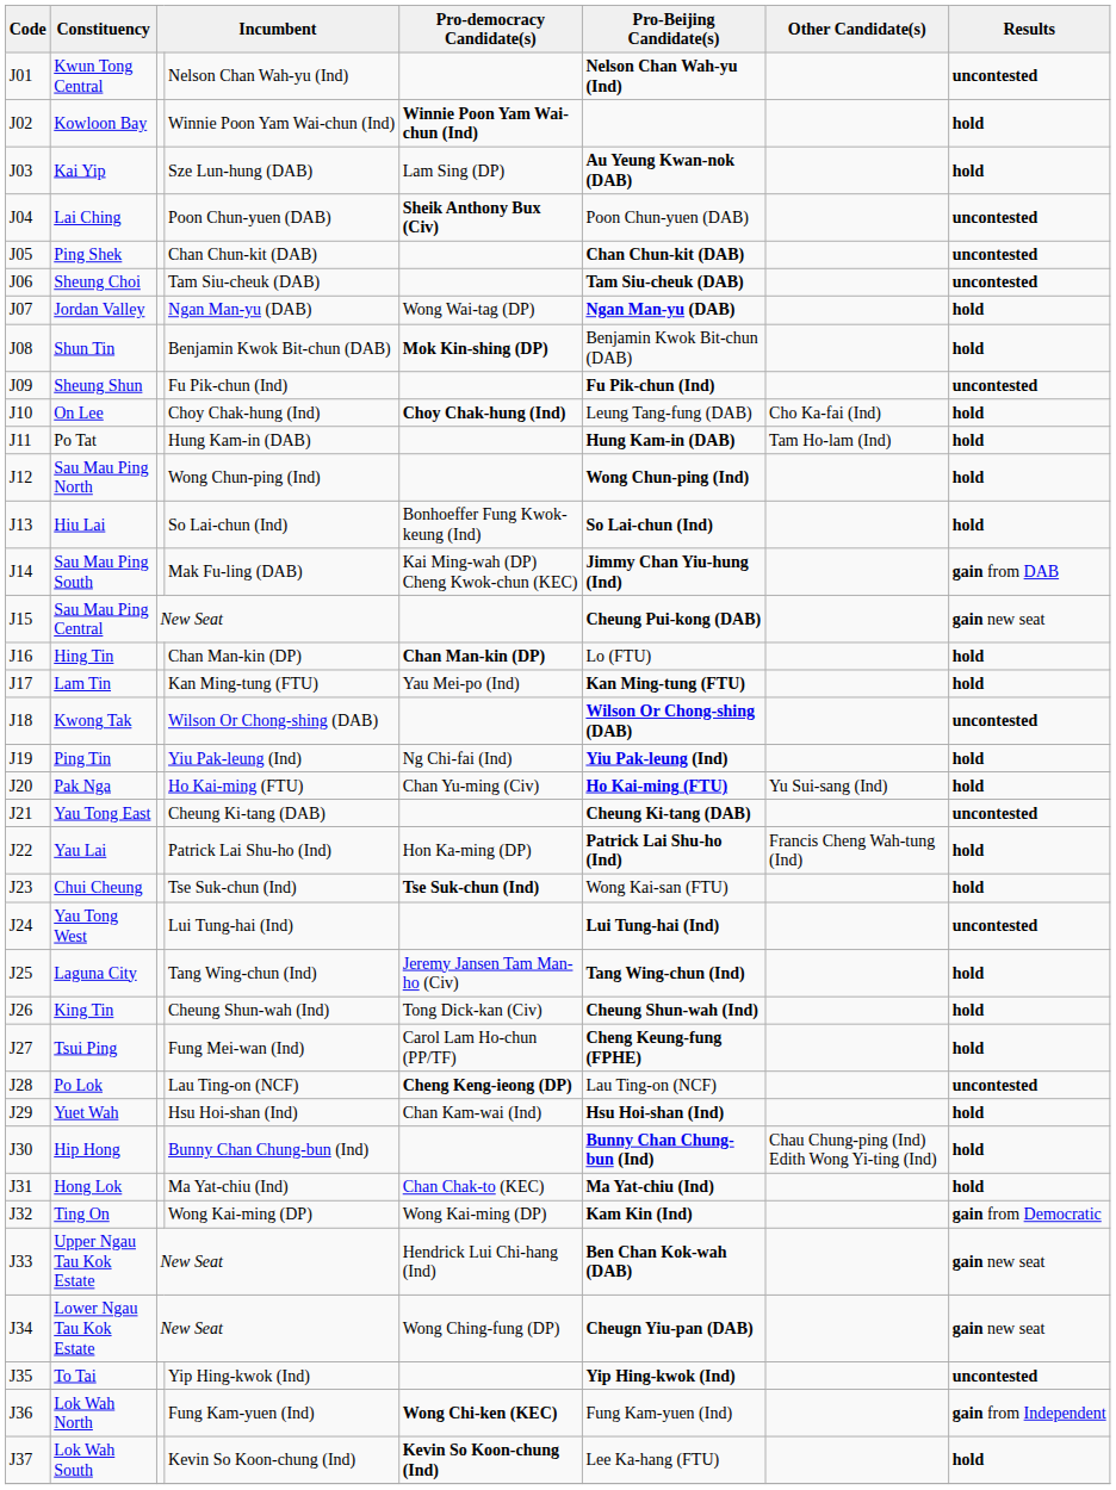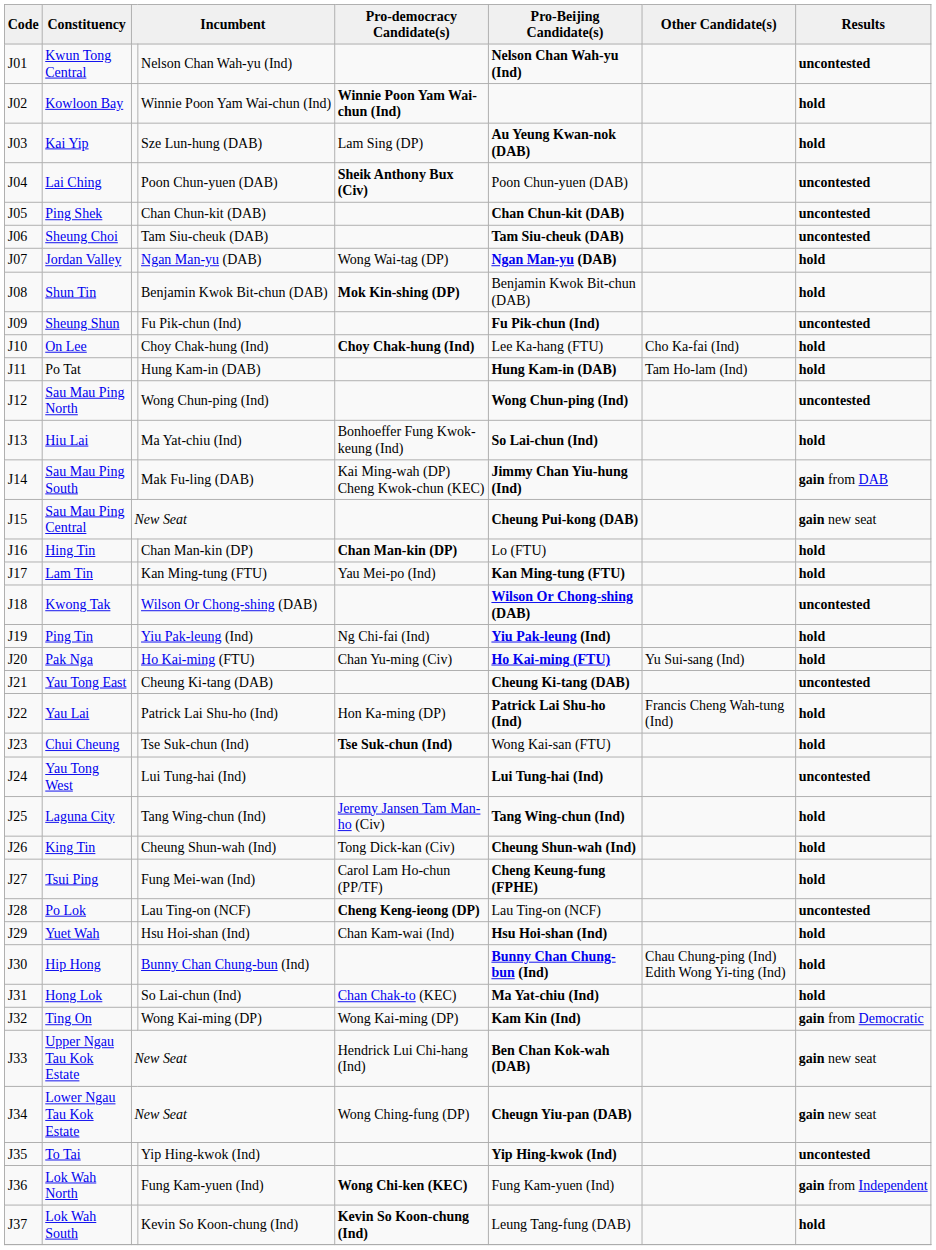 <table class="wikitable sortable" style="font-size: 95%;">
 <tr>
 <th align="center" style="background:#f0f0f0;" width="20px"><strong>Code</strong></th>
 <th align="center" style="background:#f0f0f0;" width="90px"><strong>Constituency</strong></th>
 <th align="center" style="background:#f0f0f0;" width="120px" colspan=2><strong>Incumbent</strong></th>
 <th align="center" style="background:#f0f0f0;" width="160px"><strong>Pro-democracy Candidate(s)</strong></th>
 <th align="center" style="background:#f0f0f0;" width="160px"><strong>Pro-Beijing Candidate(s)</strong></th>
 <th align="center" style="background:#f0f0f0;" width="160px"><strong>Other Candidate(s)</strong></th>
 <th align="center" style="background:#f0f0f0;" width="100px" colspan="2"><strong>Results</strong></th>
 </tr>
 <tr>
 <td>J01</td>
 <td><a href='#'>Kwun Tong Central</a></td>
 <td></td>
 <td>Nelson Chan Wah-yu (Ind)</td>
 <td></td>
 <td><strong>Nelson Chan Wah-yu (Ind)</strong></td>
 <td></td>
 <td> <strong>uncontested</strong></td>
 </tr>
 <tr>
 <td>J02</td>
 <td><a href='#'>Kowloon Bay</a></td>
 <td></td>
 <td>Winnie Poon Yam Wai-chun (Ind)</td>
 <td><strong>Winnie Poon Yam Wai-chun (Ind)</strong></td>
 <td></td>
 <td></td>
 <td> <strong>hold</strong></td>
 </tr>
 <tr>
 <td>J03</td>
 <td><a href='#'>Kai Yip</a></td>
 <td></td>
 <td>Sze Lun-hung (DAB)</td>
 <td>Lam Sing (DP)</td>
 <td><strong>Au Yeung Kwan-nok (DAB)</strong></td>
 <td></td>
 <td> <strong>hold</strong></td>
 </tr>
 <tr>
 <td>J04</td>
 <td><a href='#'>Lai Ching</a></td>
 <td></td>
 <td>Poon Chun-yuen (DAB)</td>
 <td><strong>Sheik Anthony Bux (Civ)</strong></td>
 <td>Poon Chun-yuen (DAB)</td>
 <td></td>
 <td> <strong>uncontested</strong></td>
 </tr>
 <tr>
 <td>J05</td>
 <td><a href='#'>Ping Shek</a></td>
 <td></td>
 <td>Chan Chun-kit (DAB)</td>
 <td></td>
 <td><strong>Chan Chun-kit (DAB)</strong></td>
 <td></td>
 <td> <strong>uncontested</strong></td>
 </tr>
 <tr>
 <td>J06</td>
 <td><a href='#'>Sheung Choi</a></td>
 <td></td>
 <td>Tam Siu-cheuk (DAB)</td>
 <td></td>
 <td><strong>Tam Siu-cheuk (DAB)</strong></td>
 <td></td>
 <td> <strong>uncontested</strong></td>
 </tr>
 <tr>
 <td>J07</td>
 <td><a href='#'>Jordan Valley</a></td>
 <td></td>
 <td><a href='#'>Ngan Man-yu</a> (DAB)</td>
 <td>Wong Wai-tag (DP)</td>
 <td><strong><a href='#'>Ngan Man-yu</a> (DAB)</strong></td>
 <td></td>
 <td> <strong>hold</strong></td>
 </tr>
 <tr>
 <td>J08</td>
 <td><a href='#'>Shun Tin</a></td>
 <td></td>
 <td>Benjamin Kwok Bit-chun (DAB)</td>
 <td><strong>Mok Kin-shing (DP)</strong></td>
 <td>Benjamin Kwok Bit-chun (DAB)</td>
 <td></td>
 <td> <strong>hold</strong></td>
 </tr>
 <tr>
 <td>J09</td>
 <td><a href='#'>Sheung Shun</a></td>
 <td></td>
 <td>Fu Pik-chun (Ind)</td>
 <td></td>
 <td><strong>Fu Pik-chun (Ind)</strong></td>
 <td></td>
 <td> <strong>uncontested</strong></td>
 </tr>
 <tr>
 <td>J10</td>
 <td><a href='#'>On Lee</a></td>
 <td></td>
 <td>Choy Chak-hung (Ind)</td>
 <td><strong>Choy Chak-hung (Ind)</strong></td>
-<td>Leung Tang-fung (DAB)</td>
+<td>Lee Ka-hang  (FTU)</td>
 <td>Cho Ka-fai (Ind)</td>
 <td> <strong>hold</strong></td>
 </tr>
 <tr>
 <td>J11</td>
 <td>Po Tat</td>
 <td></td>
 <td>Hung Kam-in (DAB)</td>
 <td></td>
 <td><strong>Hung Kam-in (DAB)</strong></td>
 <td>Tam Ho-lam (Ind)</td>
 <td> <strong>hold</strong></td>
 </tr>
 <tr>
 <td>J12</td>
 <td><a href='#'>Sau Mau Ping North</a></td>
 <td></td>
 <td>Wong Chun-ping (Ind)</td>
 <td></td>
 <td><strong>Wong Chun-ping (Ind) </strong></td>
 <td></td>
-<td> <strong>hold</strong></td>
+<td> <strong>uncontested</strong></td>
 </tr>
 <tr>
 <td>J13</td>
 <td><a href='#'>Hiu Lai</a></td>
 <td></td>
-<td>So Lai-chun (Ind)</td>
+<td>Ma Yat-chiu (Ind)</td>
 <td>Bonhoeffer Fung Kwok-keung (Ind)</td>
 <td><strong>So Lai-chun (Ind)</strong></td>
 <td></td>
 <td> <strong>hold</strong></td>
 </tr>
 <tr>
 <td>J14</td>
 <td><a href='#'>Sau Mau Ping South</a></td>
 <td></td>
 <td>Mak Fu-ling (DAB)</td>
 <td>Kai Ming-wah (DP)<br>Cheng Kwok-chun (KEC)</td>
 <td><strong>Jimmy Chan Yiu-hung (Ind)</strong></td>
 <td></td>
 <td> <strong>gain</strong> from <a href='#'>DAB</a></td>
 </tr>
 <tr>
 <td>J15</td>
 <td><a href='#'>Sau Mau Ping Central</a></td>
 <td colspan=2><em>New Seat</em></td>
 <td></td>
 <td><strong>Cheung Pui-kong (DAB)</strong></td>
 <td></td>
 <td> <strong>gain</strong> new seat</td>
 </tr>
 <tr>
 <td>J16</td>
 <td><a href='#'>Hing Tin</a></td>
 <td></td>
 <td>Chan Man-kin (DP)</td>
 <td><strong>Chan Man-kin (DP)</strong></td>
 <td>Lo  (FTU)</td>
 <td></td>
 <td> <strong>hold</strong></td>
 </tr>
 <tr>
 <td>J17</td>
 <td><a href='#'>Lam Tin</a></td>
 <td></td>
 <td>Kan Ming-tung (FTU)</td>
 <td>Yau Mei-po (Ind)</td>
 <td><strong>Kan Ming-tung (FTU)</strong></td>
 <td></td>
 <td> <strong>hold</strong></td>
 </tr>
 <tr>
 <td>J18</td>
 <td><a href='#'>Kwong Tak</a></td>
 <td></td>
 <td><a href='#'>Wilson Or Chong-shing</a> (DAB)</td>
 <td></td>
 <td><strong><a href='#'>Wilson Or Chong-shing</a> (DAB)</strong></td>
 <td></td>
 <td> <strong>uncontested</strong></td>
 </tr>
 <tr>
 <td>J19</td>
 <td><a href='#'>Ping Tin</a></td>
 <td></td>
 <td><a href='#'>Yiu Pak-leung</a> (Ind)</td>
 <td>Ng Chi-fai (Ind)</td>
 <td><strong><a href='#'>Yiu Pak-leung</a> (Ind)</strong></td>
 <td></td>
 <td> <strong>hold</strong></td>
 </tr>
 <tr>
 <td>J20</td>
 <td><a href='#'>Pak Nga</a></td>
 <td></td>
 <td><a href='#'>Ho Kai-ming</a> (FTU)</td>
 <td>Chan Yu-ming (Civ)</td>
 <td><strong><a href='#'>Ho Kai-ming (FTU)</a></strong></td>
 <td>Yu Sui-sang (Ind)</td>
 <td> <strong>hold</strong></td>
 </tr>
 <tr>
 <td>J21</td>
 <td><a href='#'>Yau Tong East</a></td>
 <td></td>
 <td>Cheung Ki-tang (DAB)</td>
 <td></td>
 <td><strong>Cheung Ki-tang (DAB)</strong></td>
 <td></td>
 <td> <strong>uncontested</strong></td>
 </tr>
 <tr>
 <td>J22</td>
 <td><a href='#'>Yau Lai</a></td>
 <td></td>
 <td>Patrick Lai Shu-ho (Ind)</td>
 <td>Hon Ka-ming (DP)</td>
 <td><strong>Patrick Lai Shu-ho (Ind)</strong></td>
 <td>Francis Cheng Wah-tung (Ind)</td>
 <td> <strong>hold</strong></td>
 </tr>
 <tr>
 <td>J23</td>
 <td><a href='#'>Chui Cheung</a></td>
 <td></td>
 <td>Tse Suk-chun (Ind)</td>
 <td><strong>Tse Suk-chun (Ind)</strong></td>
 <td>Wong Kai-san (FTU)</td>
 <td></td>
 <td> <strong>hold</strong></td>
 </tr>
 <tr>
 <td>J24</td>
 <td><a href='#'>Yau Tong West</a></td>
 <td></td>
 <td>Lui Tung-hai (Ind)</td>
 <td></td>
 <td><strong>Lui Tung-hai (Ind)</strong></td>
 <td></td>
 <td> <strong>uncontested</strong></td>
 </tr>
 <tr>
 <td>J25</td>
 <td><a href='#'>Laguna City</a></td>
 <td></td>
 <td>Tang Wing-chun (Ind)</td>
 <td><a href='#'>Jeremy Jansen Tam Man-ho</a> (Civ)</td>
 <td><strong>Tang Wing-chun (Ind)</strong></td>
 <td></td>
 <td> <strong>hold</strong></td>
 </tr>
 <tr>
 <td>J26</td>
 <td><a href='#'>King Tin</a></td>
 <td></td>
 <td>Cheung Shun-wah (Ind)</td>
 <td>Tong Dick-kan (Civ)</td>
 <td><strong>Cheung Shun-wah (Ind)</strong></td>
 <td></td>
 <td> <strong>hold</strong></td>
 </tr>
 <tr>
 <td>J27</td>
 <td><a href='#'>Tsui Ping</a></td>
 <td></td>
 <td>Fung Mei-wan (Ind)</td>
 <td>Carol Lam Ho-chun (PP/TF)</td>
 <td><strong>Cheng Keung-fung (FPHE)</strong></td>
 <td></td>
 <td> <strong>hold</strong></td>
 </tr>
 <tr>
 <td>J28</td>
 <td><a href='#'>Po Lok</a></td>
 <td></td>
 <td>Lau Ting-on (NCF)</td>
 <td><strong>Cheng Keng-ieong (DP)</strong></td>
 <td>Lau Ting-on (NCF)</td>
 <td></td>
 <td> <strong>uncontested</strong></td>
 </tr>
 <tr>
 <td>J29</td>
 <td><a href='#'>Yuet Wah</a></td>
 <td></td>
 <td>Hsu Hoi-shan (Ind)</td>
 <td>Chan Kam-wai (Ind)</td>
 <td><strong>Hsu Hoi-shan (Ind)</strong></td>
 <td></td>
 <td> <strong>hold</strong></td>
 </tr>
 <tr>
 <td>J30</td>
 <td><a href='#'>Hip Hong</a></td>
 <td></td>
 <td><a href='#'>Bunny Chan Chung-bun</a> (Ind)</td>
 <td></td>
 <td><strong><a href='#'>Bunny Chan Chung-bun</a> (Ind)</strong></td>
 <td>Chau Chung-ping (Ind)<br>Edith Wong Yi-ting (Ind)</td>
 <td> <strong>hold</strong></td>
 </tr>
 <tr>
 <td>J31</td>
 <td><a href='#'>Hong Lok</a></td>
 <td></td>
-<td>Ma Yat-chiu (Ind)</td>
+<td>So Lai-chun (Ind)</td>
 <td><a href='#'>Chan Chak-to</a> (KEC)</td>
 <td><strong>Ma Yat-chiu (Ind)</strong></td>
 <td></td>
 <td> <strong>hold</strong></td>
 </tr>
 <tr>
 <td>J32</td>
 <td><a href='#'>Ting On</a></td>
 <td></td>
 <td>Wong Kai-ming (DP)</td>
 <td>Wong Kai-ming (DP)</td>
 <td><strong>Kam Kin (Ind)</strong></td>
 <td></td>
 <td> <strong>gain</strong> from <a href='#'>Democratic</a></td>
 </tr>
 <tr>
 <td>J33</td>
 <td><a href='#'>Upper Ngau Tau Kok Estate</a></td>
 <td colspan=2><em>New Seat</em></td>
 <td>Hendrick Lui Chi-hang (Ind)</td>
 <td><strong>Ben Chan Kok-wah (DAB)</strong></td>
 <td></td>
 <td> <strong>gain</strong> new seat</td>
 </tr>
 <tr>
 <td>J34</td>
 <td><a href='#'>Lower Ngau Tau Kok Estate</a></td>
 <td colspan=2><em>New Seat</em></td>
 <td>Wong Ching-fung (DP)</td>
 <td><strong>Cheugn Yiu-pan (DAB)</strong></td>
 <td></td>
 <td> <strong>gain</strong> new seat</td>
 </tr>
 <tr>
 <td>J35</td>
 <td><a href='#'>To Tai</a></td>
 <td></td>
 <td>Yip Hing-kwok (Ind)</td>
 <td></td>
 <td><strong>Yip Hing-kwok (Ind)</strong></td>
 <td></td>
 <td> <strong>uncontested</strong></td>
 </tr>
 <tr>
 <td>J36</td>
 <td><a href='#'>Lok Wah North</a></td>
 <td></td>
 <td>Fung Kam-yuen (Ind)</td>
 <td><strong>Wong Chi-ken (KEC)</strong></td>
 <td>Fung Kam-yuen (Ind)</td>
 <td></td>
 <td> <strong>gain</strong> from <a href='#'>Independent</a></td>
 </tr>
 <tr>
 <td>J37</td>
 <td><a href='#'>Lok Wah South</a></td>
 <td></td>
 <td>Kevin So Koon-chung (Ind)</td>
 <td><strong>Kevin So Koon-chung (Ind)</strong></td>
-<td>Lee Ka-hang  (FTU)</td>
+<td>Leung Tang-fung (DAB)</td>
 <td></td>
 <td> <strong>hold</strong></td>
 </tr>
 <tr>
 </tr>
 </table>
